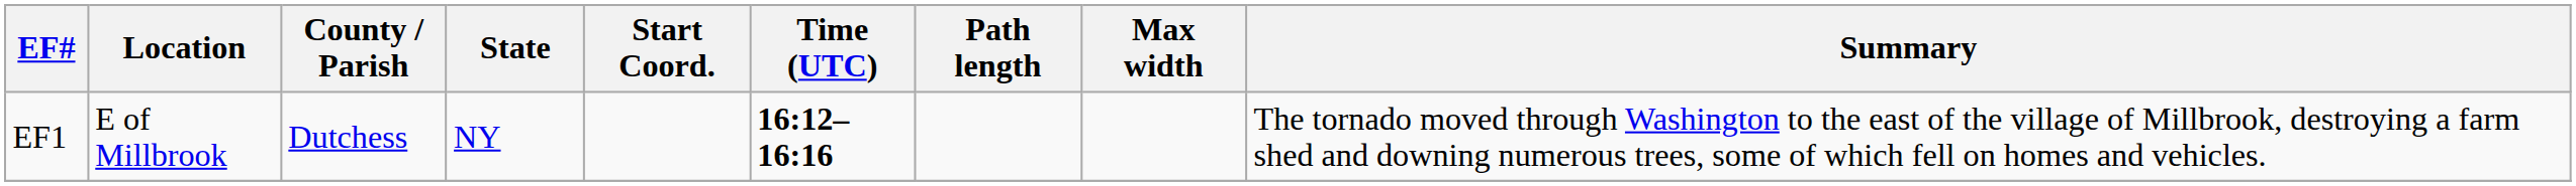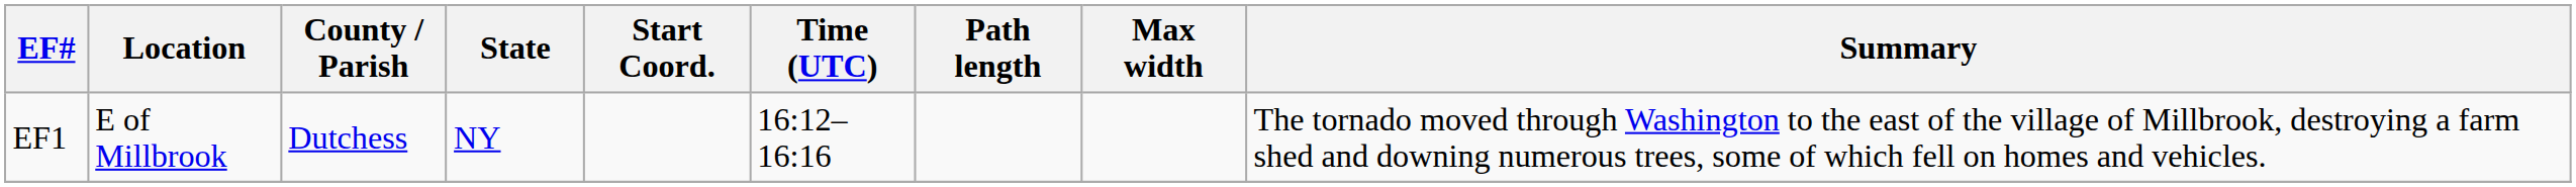 <table class="wikitable sortable" style="width:100%;">
 <tr>
 <th scope="col"  style="width:3%; text-align:center;"><a href='#'>EF#</a></th>
 <th scope="col"  style="width:7%; text-align:center;" class="unsortable">Location</th>
 <th scope="col"  style="width:6%; text-align:center;" class="unsortable">County / Parish</th>
 <th scope="col"  style="width:5%; text-align:center;">State</th>
 <th scope="col"  style="width:6%; text-align:center;">Start Coord.</th>
 <th scope="col"  style="width:6%; text-align:center;">Time (<a href='#'>UTC</a>)</th>
 <th scope="col"  style="width:6%; text-align:center;">Path length</th>
 <th scope="col"  style="width:6%; text-align:center;">Max width</th>
 <th scope="col" class="unsortable" style="width:48%; text-align:center;">Summary</th>
 </tr>
 <tr>
 <td>EF1</td>
 <td>E of <a href='#'>Millbrook</a></td>
 <td><a href='#'>Dutchess</a></td>
 <td><a href='#'>NY</a></td>
 <td></td>
-<td><strong>16:12–16:16</strong></td>
+<td>16:12–16:16</td>
 <td></td>
 <td></td>
 <td>The tornado moved through <a href='#'>Washington</a> to the east of the village of Millbrook, destroying a farm shed and downing numerous trees, some of which fell on homes and vehicles.</td>
 </tr>
 <tr>
 </tr>
 </table>
